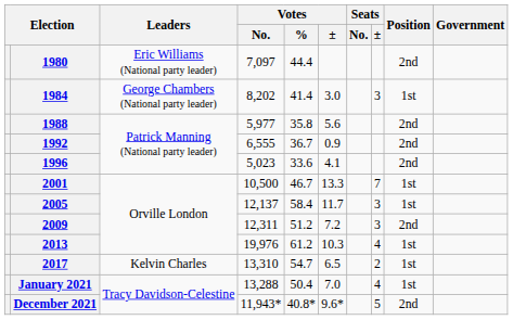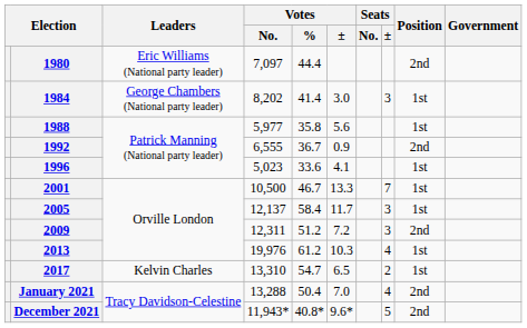 <table class="wikitable" style="text-align:center">
 <tr>
 <th colspan="2" rowspan="2">Election</th>
 <th rowspan="2">Leaders</th>
 <th colspan="3">Votes</th>
 <th colspan="2">Seats</th>
 <th rowspan="2">Position</th>
 <th rowspan="2">Government</th>
 </tr>
 <tr>
 <th>No.</th>
 <th>%</th>
 <th>±</th>
 <th>No.</th>
 <th>±</th>
 </tr>
 <tr>
 <th style="background-color: "></th>
 <th><a href='#'>1980</a></th>
 <td><a href='#'>Eric Williams</a><br><small>(National party leader)</small></td>
 <td>7,097</td>
 <td>44.4</td>
 <td></td>
 <td></td>
 <td></td>
 <td>2nd</td>
 <td></td>
 </tr>
 <tr>
 <th style="background-color: "></th>
 <th><a href='#'>1984</a></th>
 <td><a href='#'>George Chambers</a><br><small>(National party leader)</small></td>
 <td>8,202</td>
 <td>41.4</td>
 <td>3.0</td>
 <td></td>
 <td>3</td>
 <td> 1st</td>
 <td></td>
 </tr>
 <tr>
 <th style="background-color: "></th>
 <th><a href='#'>1988</a></th>
 <td rowspan="3"><a href='#'>Patrick Manning</a><br><small>(National party leader)</small></td>
 <td>5,977</td>
 <td>35.8</td>
 <td>5.6</td>
 <td></td>
 <td></td>
-<td> 2nd</td>
+<td> 1st</td>
 <td></td>
 </tr>
 <tr>
 <th style="background-color: "></th>
 <th><a href='#'>1992</a></th>
 <td>6,555</td>
 <td>36.7</td>
 <td>0.9</td>
 <td></td>
 <td></td>
 <td> 2nd</td>
 <td></td>
 </tr>
 <tr>
 <th style="background-color: "></th>
 <th><a href='#'>1996</a></th>
 <td>5,023</td>
 <td>33.6</td>
 <td>4.1</td>
 <td></td>
 <td></td>
-<td> 2nd</td>
+<td>1st</td>
 <td></td>
 </tr>
 <tr>
 <th style="background-color: "></th>
 <th><a href='#'>2001</a></th>
 <td rowspan="4">Orville London</td>
 <td>10,500</td>
 <td>46.7</td>
 <td>13.3</td>
 <td></td>
 <td>7</td>
 <td>1st</td>
 <td></td>
 </tr>
 <tr>
 <th style="background-color: "></th>
 <th><a href='#'>2005</a></th>
 <td>12,137</td>
 <td>58.4</td>
 <td>11.7</td>
 <td></td>
 <td>3</td>
 <td> 1st</td>
 <td></td>
 </tr>
 <tr>
 <th style="background-color: "></th>
 <th><a href='#'>2009</a></th>
 <td>12,311</td>
 <td>51.2</td>
 <td>7.2</td>
 <td></td>
 <td>3</td>
 <td> 2nd</td>
 <td></td>
 </tr>
 <tr>
 <th style="background-color: "></th>
 <th><a href='#'>2013</a></th>
 <td>19,976</td>
 <td>61.2</td>
 <td>10.3</td>
 <td></td>
 <td>4</td>
 <td> 1st</td>
 <td></td>
 </tr>
 <tr>
 <th style="background-color: "></th>
 <th><a href='#'>2017</a></th>
 <td>Kelvin Charles</td>
 <td>13,310</td>
 <td>54.7</td>
 <td>6.5</td>
 <td></td>
 <td>2</td>
 <td> 1st</td>
 <td></td>
 </tr>
 <tr>
 <th style="background-color: "></th>
 <th><a href='#'>January 2021</a></th>
 <td rowspan="2"><a href='#'>Tracy Davidson-Celestine</a></td>
 <td>13,288</td>
 <td>50.4</td>
 <td>7.0</td>
 <td></td>
 <td>4</td>
-<td> 1st</td>
+<td> 2nd</td>
 <td></td>
 </tr>
 <tr>
 <th style="background-color: "></th>
 <th><a href='#'>December 2021</a></th>
 <td>11,943*</td>
 <td>40.8*</td>
 <td>9.6*</td>
 <td></td>
 <td>5</td>
 <td> 2nd</td>
 <td></td>
 </tr>
 </table>
